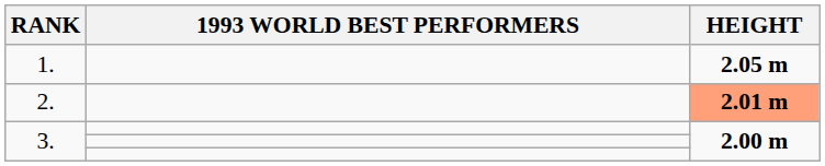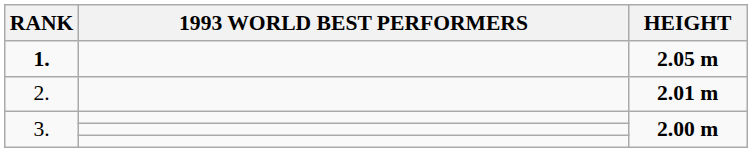 <table class="wikitable" style="border-collapse: collapse; font-size: 90%;">
 <tr>
 <th>RANK</th>
 <th align="center" style="width: 25em">1993 WORLD BEST PERFORMERS</th>
 <th align="center" style="width: 5em">HEIGHT</th>
 </tr>
 <tr>
-<td align="center">1.</td>
+<td align="center"><strong>1.</strong></td>
 <td></td>
 <td align="center"><strong>2.05 m</strong></td>
 </tr>
 <tr>
 <td align="center">2.</td>
 <td></td>
-<td align="center" style="background: lightsalmon;"><strong>2.01 m</strong></td>
+<td align="center"><strong>2.01 m</strong></td>
 </tr>
 <tr>
 <td rowspan=3 align="center">3.</td>
 <td></td>
 <td rowspan=3 align="center"><strong>2.00 m</strong></td>
 </tr>
 <tr>
 <td></td>
 </tr>
 <tr>
 <td></td>
 </tr>
 </table>
